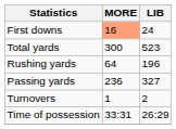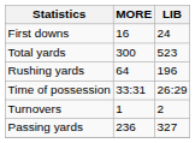 <table class="wikitable">
 <tr>
 <th>Statistics</th>
 <th>MORE</th>
 <th>LIB</th>
 </tr>
 <tr>
 <td>First downs</td>
-<td style="background: lightsalmon;">16</td>
+<td>16</td>
 <td>24</td>
 </tr>
 <tr>
 <td>Total yards</td>
 <td>300</td>
 <td>523</td>
 </tr>
 <tr>
 <td>Rushing yards</td>
 <td>64</td>
 <td>196</td>
 </tr>
 <tr>
-<td>Passing yards</td>
-<td>236</td>
-<td>327</td>
+<td>Time of possession</td>
+<td>33:31</td>
+<td>26:29</td>
 </tr>
 <tr>
 <td>Turnovers</td>
 <td>1</td>
 <td>2</td>
 </tr>
 <tr>
-<td>Time of possession</td>
-<td>33:31</td>
-<td>26:29</td>
+<td>Passing yards</td>
+<td>236</td>
+<td>327</td>
 </tr>
 <tr>
 </tr>
 </table>
